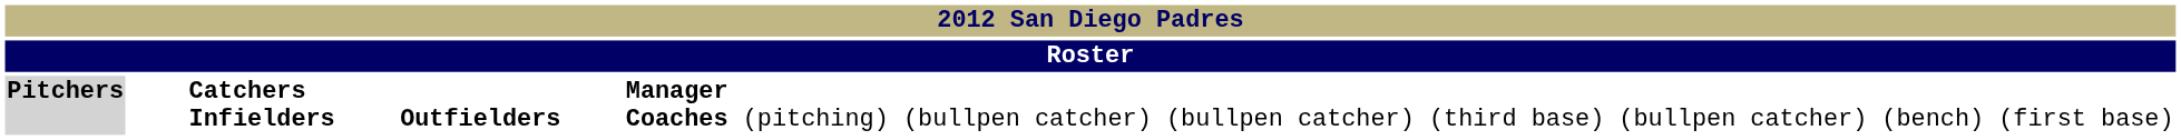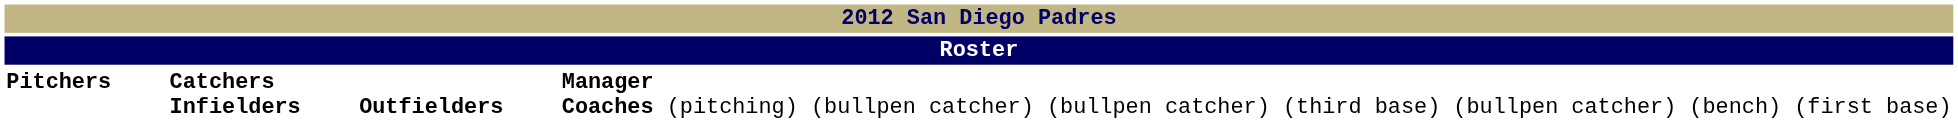 <table class="toccolours" style="font-size: 95%;">
 <tr>
 <th colspan="10" style="background-color: #C1B784; color: #000066; text-align: center;">2012 San Diego Padres</th>
 </tr>
 <tr>
 <td colspan="10" style="background-color: #000066; color: #FFFFFF; text-align: center;"><strong>Roster</strong></td>
 </tr>
 <tr>
-<td valign="top" style="background: lightgrey;"><strong>Pitchers</strong><br>                             </td>
+<td valign="top"><strong>Pitchers</strong><br>                             </td>
 <td width="25px"></td>
 <td valign="top"><strong>Catchers</strong><br>     <strong>Infielders</strong>         </td>
 <td width="25px"></td>
 <td valign="top"><br><strong>Outfielders</strong>         </td>
 <td width="25px"></td>
 <td valign="top"><strong>Manager</strong><br> <strong>Coaches</strong>  (pitching)  (bullpen catcher)  (bullpen catcher)  (third base)    (bullpen catcher)      (bench)  (first base)</td>
 </tr>
 </table>
